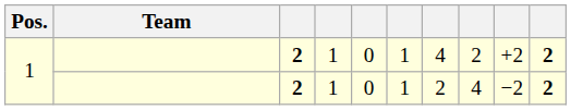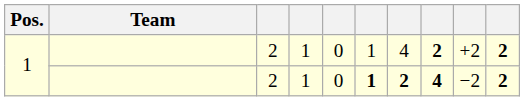 <table class="wikitable" style="text-align:center">
 <tr>
 <th width=30>Pos.</th>
 <th width=165>Team</th>
 <th width=20></th>
 <th width=20></th>
 <th width=20></th>
 <th width=20></th>
 <th width=20></th>
 <th width=20></th>
 <th width=20></th>
 <th width=20></th>
 </tr>
 <tr style="background:#ffd">
 <td rowspan=2>1</td>
 <td style="text-align:left"></td>
-<td><strong>2</strong></td>
+<td>2</td>
 <td>1</td>
 <td>0</td>
 <td>1</td>
 <td>4</td>
-<td>2</td>
+<td><strong>2</strong></td>
 <td>+2</td>
 <td><strong>2</strong></td>
 </tr>
 <tr style="background:#ffd">
 <td style="text-align:left"></td>
-<td><strong>2</strong></td>
+<td>2</td>
 <td>1</td>
 <td>0</td>
-<td>1</td>
-<td>2</td>
-<td>4</td>
+<td><strong>1</strong></td>
+<td><strong>2</strong></td>
+<td><strong>4</strong></td>
 <td>−2</td>
 <td><strong>2</strong></td>
 </tr>
 </table>
